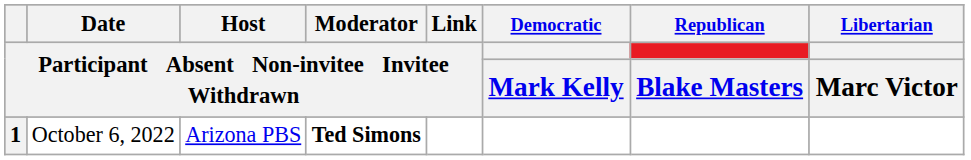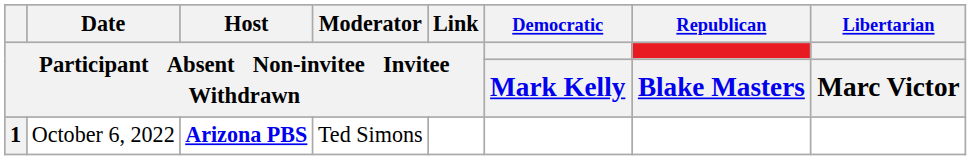 <table class="wikitable"  style="text-align:center;">
 <tr style="font-size:small;">
 <th scope="col"></th>
 <th scope="col">Date</th>
 <th scope="col">Host</th>
 <th scope="col">Moderator</th>
 <th scope="col">Link</th>
 <th scope="col"><small><a href='#'>Democratic</a></small></th>
 <th scope="col"><small><a href='#'>Republican</a></small></th>
 <th scope="col"><small><a href='#'>Libertarian</a></small></th>
 </tr>
 <tr>
 <th colspan="5" rowspan="2"> <small>Participant  </small> <small>Absent  </small> <small>Non-invitee  </small> <small>Invitee</small><br><small> Withdrawn</small></th>
 <th scope="col" style="background:"></th>
 <th scope="col" style="background:#E81B23;"></th>
 <th scope="col" style="background:"></th>
 </tr>
 <tr>
 <th scope="col"><a href='#'>Mark Kelly</a></th>
 <th scope="col"><a href='#'>Blake Masters</a></th>
 <th scope="col">Marc Victor</th>
 </tr>
 <tr style="background:#FFFFFF;font-size:small;">
 <th scope="row">1</th>
 <td style="white-space:nowrap;">October 6, 2022</td>
-<td style="white-space:nowrap;"><a href='#'>Arizona PBS</a></td>
-<td style="white-space:nowrap;"><strong>Ted Simons</strong></td>
+<td style="white-space:nowrap;"><strong><a href='#'>Arizona PBS</a></strong></td>
+<td style="white-space:nowrap;">Ted Simons</td>
 <td style="white-space:nowrap;"></td>
 <td></td>
 <td></td>
 <td></td>
 </tr>
 </table>
